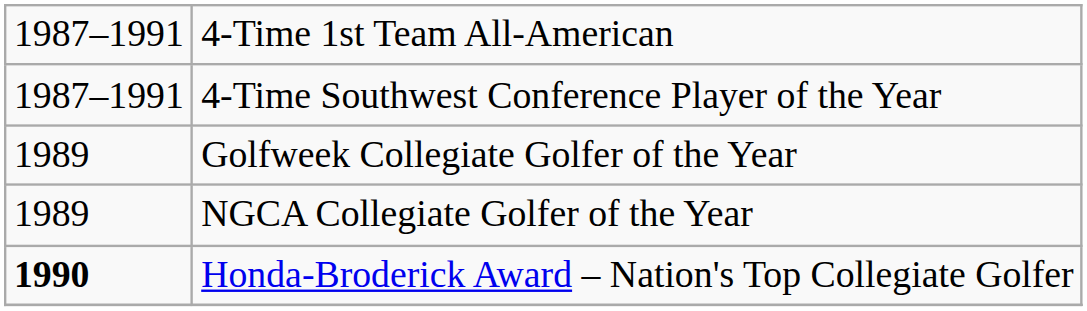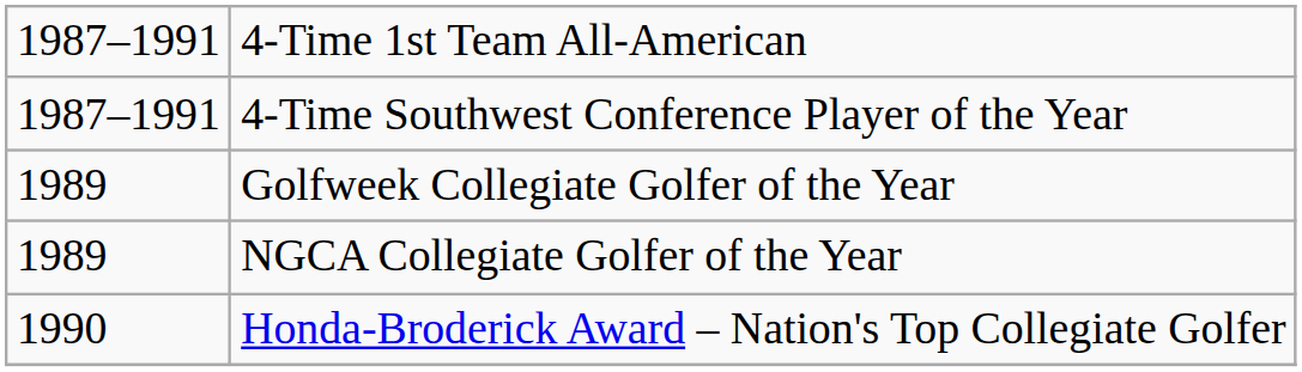 <table class="wikitable">
 <tr>
 <td>1987–1991</td>
 <td>4-Time 1st Team All-American</td>
 </tr>
 <tr>
 <td>1987–1991</td>
 <td>4-Time Southwest Conference Player of the Year</td>
 </tr>
 <tr>
 <td>1989</td>
 <td>Golfweek Collegiate Golfer of the Year</td>
 </tr>
 <tr>
 <td>1989</td>
 <td>NGCA Collegiate Golfer of the Year</td>
 </tr>
 <tr>
-<td><strong>1990</strong></td>
+<td>1990</td>
 <td><a href='#'>Honda-Broderick Award</a> – Nation's Top Collegiate Golfer</td>
 </tr>
 <tr>
 </tr>
 </table>
